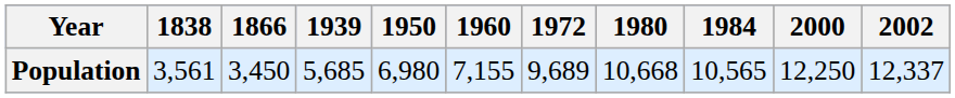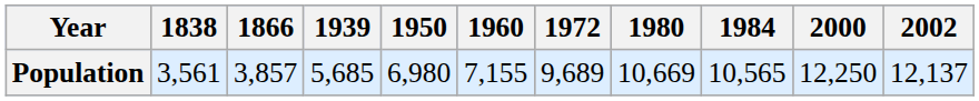 <table class="wikitable" style="text-align: center; background:#ddeeff; cellspacing:0; padding:2px; margin-left: auto; margin-right: auto; border: none;">
 <tr bgcolor="#bbccff">
 <th>Year</th>
 <th>1838</th>
 <th>1866</th>
 <th>1939</th>
 <th>1950</th>
 <th>1960</th>
 <th>1972</th>
 <th>1980</th>
 <th>1984</th>
 <th>2000</th>
 <th>2002</th>
 </tr>
 <tr>
 <th scope="row">Population</th>
 <td>3,561</td>
-<td>3,450</td>
+<td>3,857</td>
 <td>5,685</td>
 <td>6,980</td>
 <td>7,155</td>
 <td>9,689</td>
-<td>10,668</td>
+<td>10,669</td>
 <td>10,565</td>
 <td>12,250</td>
-<td>12,337</td>
+<td>12,137</td>
 </tr>
 </table>
